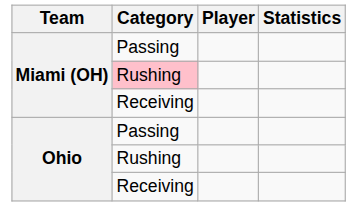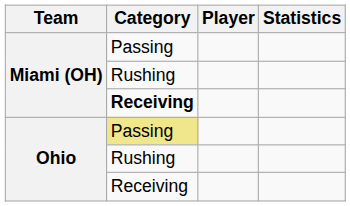 <table class="wikitable" style="float:right">
 <tr>
 <th>Team</th>
 <th>Category</th>
 <th>Player</th>
 <th>Statistics</th>
 </tr>
 <tr>
 <th rowspan=3>Miami (OH)</th>
 <td>Passing</td>
 <td></td>
 <td></td>
 </tr>
 <tr>
-<td style="background: pink;">Rushing</td>
+<td>Rushing</td>
 <td></td>
 <td></td>
 </tr>
 <tr>
-<td>Receiving</td>
+<td><strong>Receiving</strong></td>
 <td></td>
 <td></td>
 </tr>
 <tr>
 <th rowspan=3>Ohio</th>
-<td>Passing</td>
+<td style="background: khaki;">Passing</td>
 <td></td>
 <td></td>
 </tr>
 <tr>
 <td>Rushing</td>
 <td></td>
 <td></td>
 </tr>
 <tr>
 <td>Receiving</td>
 <td></td>
 <td></td>
 </tr>
 </table>
